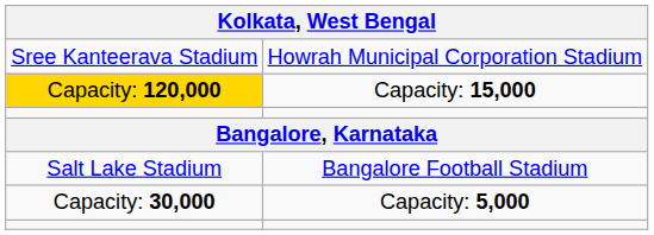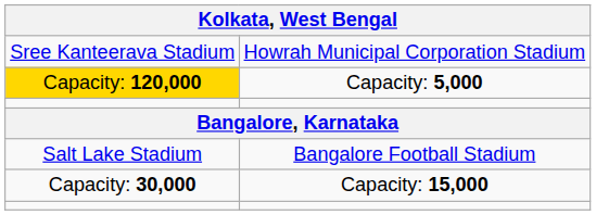 <table class="wikitable" style="text-align:center;margin:1em auto;">
 <tr>
 <th colspan=2><a href='#'>Kolkata</a>, <a href='#'>West Bengal</a></th>
 </tr>
 <tr>
 <td><a href='#'>Sree Kanteerava Stadium</a></td>
 <td><a href='#'>Howrah Municipal Corporation Stadium</a></td>
 </tr>
 <tr>
 <td style="background: gold;">Capacity: <strong>120,000</strong></td>
-<td>Capacity: <strong>15,000</strong></td>
+<td>Capacity: <strong>5,000</strong></td>
 </tr>
 <tr>
 <td></td>
 <td></td>
 </tr>
 <tr>
 <th colspan=2><a href='#'>Bangalore</a>, <a href='#'>Karnataka</a></th>
 </tr>
 <tr>
 <td><a href='#'>Salt Lake Stadium</a></td>
 <td><a href='#'>Bangalore Football Stadium</a></td>
 </tr>
 <tr>
 <td>Capacity: <strong>30,000</strong></td>
-<td>Capacity: <strong>5,000</strong></td>
+<td>Capacity: <strong>15,000</strong></td>
 </tr>
 <tr>
 <td></td>
 <td></td>
 </tr>
 </table>
